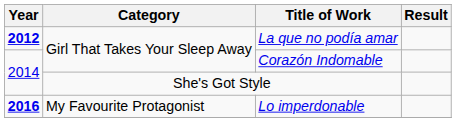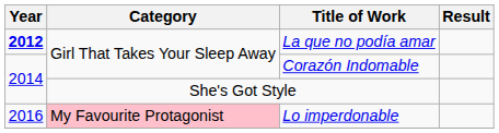 <table class="wikitable">
 <tr>
 <th>Year</th>
 <th>Category</th>
 <th>Title of Work</th>
 <th>Result</th>
 </tr>
 <tr>
 <td><strong><a href='#'>2012</a></strong></td>
 <td rowspan=2>Girl That Takes Your Sleep Away</td>
 <td><em><a href='#'>La que no podía amar</a> </em></td>
 <td></td>
 </tr>
 <tr>
 <td rowspan=2><a href='#'>2014</a></td>
 <td><em><a href='#'>Corazón Indomable</a></em></td>
 <td></td>
 </tr>
 <tr>
 <td colspan=2 style="text-align:center;">She's Got Style</td>
 <td></td>
 </tr>
 <tr>
-<td><strong><a href='#'>2016</a></strong></td>
-<td>My Favourite Protagonist</td>
+<td><a href='#'>2016</a></td>
+<td style="background: pink;">My Favourite Protagonist</td>
 <td><em><a href='#'>Lo imperdonable</a> </em></td>
 <td></td>
 </tr>
 <tr>
 </tr>
 </table>
